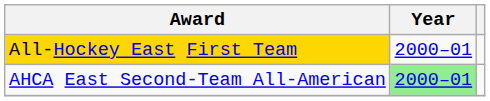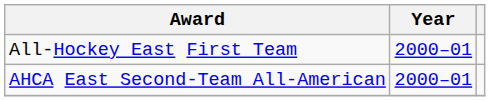 <table class="wikitable">
 <tr>
 <th>Award</th>
 <th>Year</th>
 <th></th>
 </tr>
 <tr>
-<td style="background: gold;">All-<a href='#'>Hockey East</a> <a href='#'>First Team</a></td>
+<td>All-<a href='#'>Hockey East</a> <a href='#'>First Team</a></td>
 <td><a href='#'>2000–01</a></td>
 <td></td>
 </tr>
 <tr>
 <td><a href='#'>AHCA</a> <a href='#'>East Second-Team All-American</a></td>
-<td style="background: lightgreen;"><a href='#'>2000–01</a></td>
+<td><a href='#'>2000–01</a></td>
 <td></td>
 </tr>
 <tr>
 </tr>
 </table>
